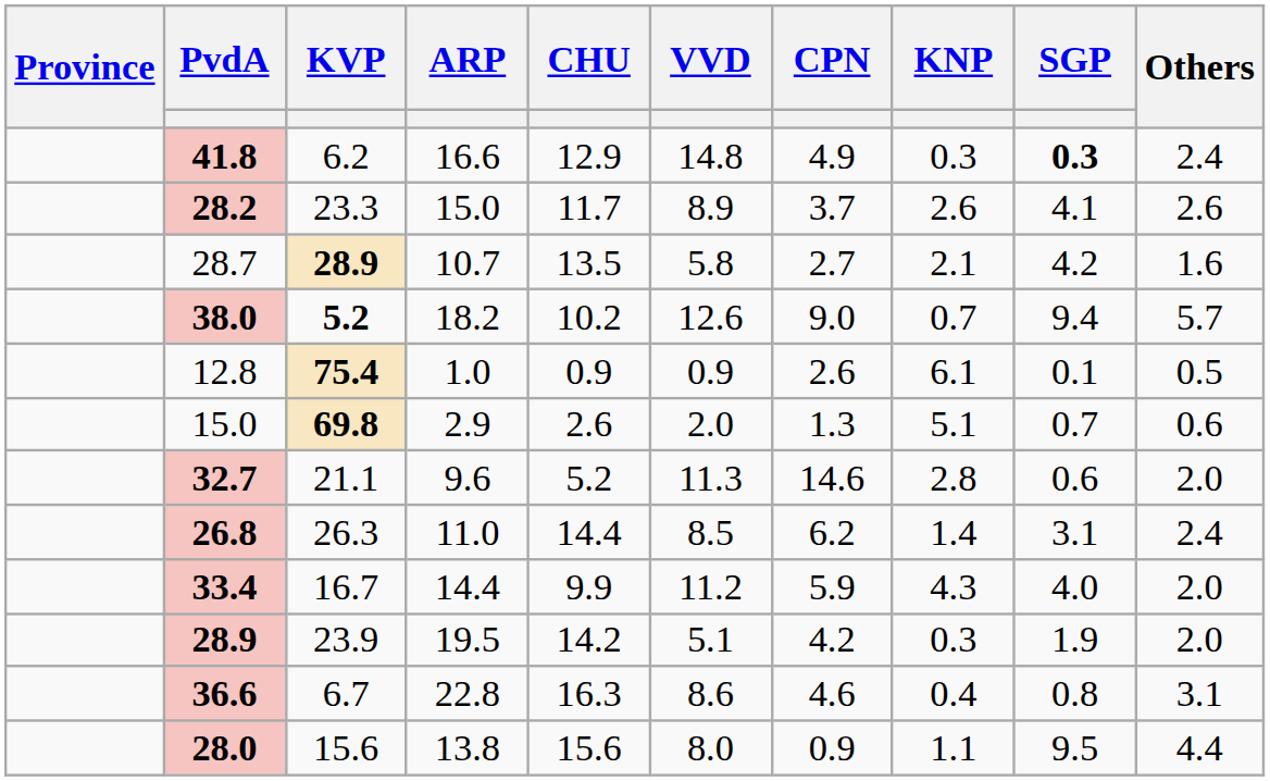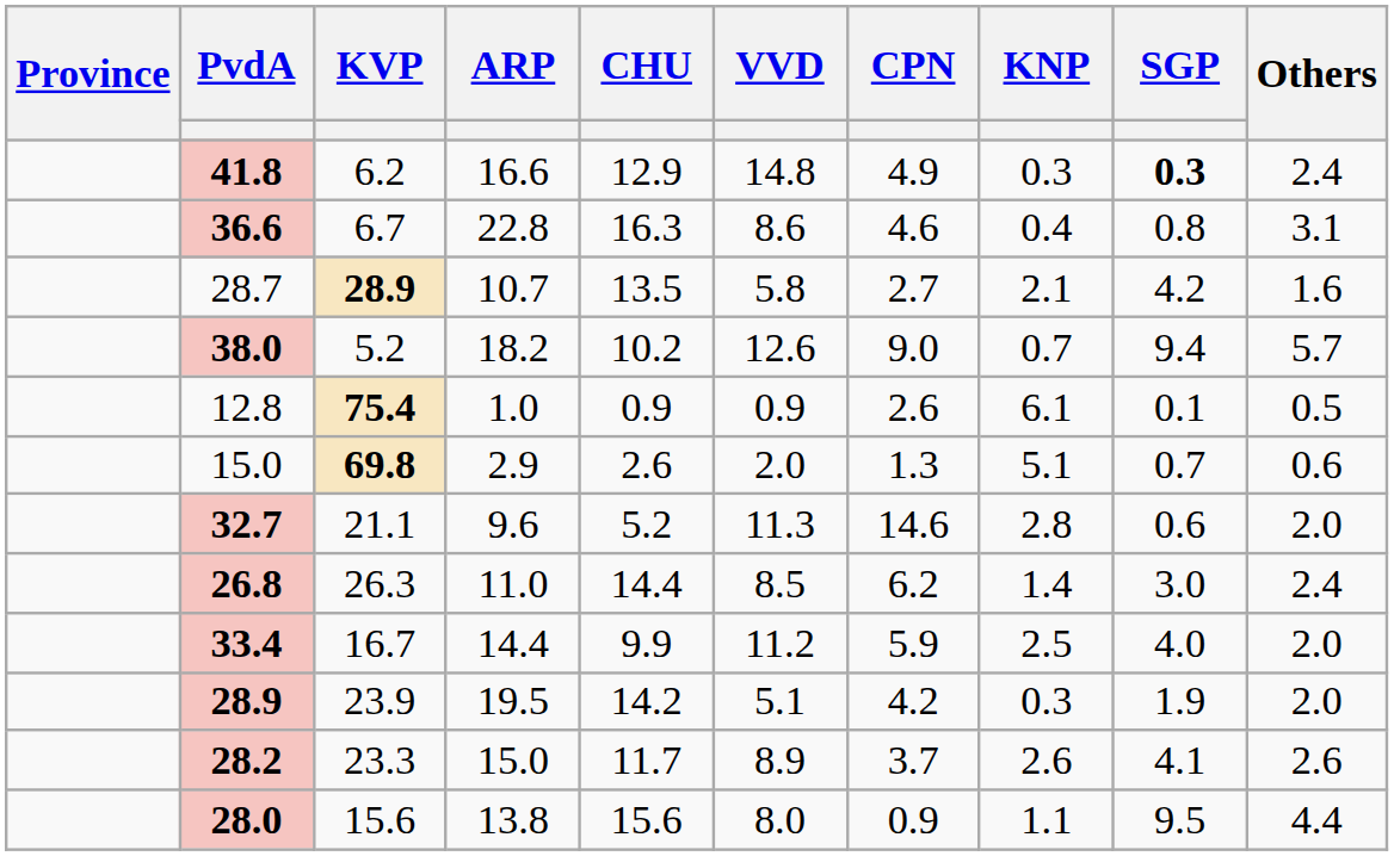 <table class="wikitable sortable" style="text-align:center;font-size:90%;line-height:14px">
 <tr style="height:40px;">
 <th rowspan="2"><a href='#'>Province</a></th>
 <th style="width:40px;"><a href='#'>PvdA</a></th>
 <th style="width:40px;"><a href='#'>KVP</a></th>
 <th style="width:40px;"><a href='#'>ARP</a></th>
 <th style="width:40px;"><a href='#'>CHU</a></th>
 <th style="width:40px;"><a href='#'>VVD</a></th>
 <th style="width:40px;"><a href='#'>CPN</a></th>
 <th style="width:40px;"><a href='#'>KNP</a></th>
 <th style="width:40px;"><a href='#'>SGP</a></th>
 <th style="width:40px;" rowspan="2">Others</th>
 </tr>
 <tr>
 <th style="background:"></th>
 <th style="background:"></th>
 <th style="background:"></th>
 <th style="background:"></th>
 <th style="background:"></th>
 <th style="background:"></th>
 <th style="background:"></th>
 <th style="background:"></th>
 </tr>
 <tr>
 <td align="left"></td>
 <td style="background:#F6C5C1;"><strong>41.8</strong></td>
 <td>6.2</td>
 <td>16.6</td>
 <td>12.9</td>
 <td>14.8</td>
 <td>4.9</td>
 <td>0.3</td>
 <td><strong>0.3</strong></td>
 <td>2.4</td>
 </tr>
 <tr>
 <td align="left"></td>
-<td style="background:#F6C5C1;"><strong>28.2</strong></td>
-<td>23.3</td>
-<td>15.0</td>
-<td>11.7</td>
-<td>8.9</td>
-<td>3.7</td>
-<td>2.6</td>
-<td>4.1</td>
-<td>2.6</td>
+<td style="background:#F6C5C1;"><strong>36.6</strong></td>
+<td>6.7</td>
+<td>22.8</td>
+<td>16.3</td>
+<td>8.6</td>
+<td>4.6</td>
+<td>0.4</td>
+<td>0.8</td>
+<td>3.1</td>
 </tr>
 <tr>
 <td align="left"></td>
 <td>28.7</td>
 <td style="background:#f8e7c1;"><strong>28.9</strong></td>
 <td>10.7</td>
 <td>13.5</td>
 <td>5.8</td>
 <td>2.7</td>
 <td>2.1</td>
 <td>4.2</td>
 <td>1.6</td>
 </tr>
 <tr>
 <td align="left"></td>
 <td style="background:#F6C5C1;"><strong>38.0</strong></td>
-<td><strong>5.2</strong></td>
+<td>5.2</td>
 <td>18.2</td>
 <td>10.2</td>
 <td>12.6</td>
 <td>9.0</td>
 <td>0.7</td>
 <td>9.4</td>
 <td>5.7</td>
 </tr>
 <tr>
 <td align="left"></td>
 <td>12.8</td>
 <td style="background:#f8e7c1;"><strong>75.4</strong></td>
 <td>1.0</td>
 <td>0.9</td>
 <td>0.9</td>
 <td>2.6</td>
 <td>6.1</td>
 <td>0.1</td>
 <td>0.5</td>
 </tr>
 <tr>
 <td align="left"></td>
 <td>15.0</td>
 <td style="background:#f8e7c1;"><strong>69.8</strong></td>
 <td>2.9</td>
 <td>2.6</td>
 <td>2.0</td>
 <td>1.3</td>
 <td>5.1</td>
 <td>0.7</td>
 <td>0.6</td>
 </tr>
 <tr>
 <td align="left"></td>
 <td style="background:#F6C5C1;"><strong>32.7</strong></td>
 <td>21.1</td>
 <td>9.6</td>
 <td>5.2</td>
 <td>11.3</td>
 <td>14.6</td>
 <td>2.8</td>
 <td>0.6</td>
 <td>2.0</td>
 </tr>
 <tr>
 <td align="left"></td>
 <td style="background:#F6C5C1;"><strong>26.8</strong></td>
 <td>26.3</td>
 <td>11.0</td>
 <td>14.4</td>
 <td>8.5</td>
 <td>6.2</td>
 <td>1.4</td>
-<td>3.1</td>
+<td>3.0</td>
 <td>2.4</td>
 </tr>
 <tr>
 <td align="left"></td>
 <td style="background:#F6C5C1;"><strong>33.4</strong></td>
 <td>16.7</td>
 <td>14.4</td>
 <td>9.9</td>
 <td>11.2</td>
 <td>5.9</td>
-<td>4.3</td>
+<td>2.5</td>
 <td>4.0</td>
 <td>2.0</td>
 </tr>
 <tr>
 <td align="left"></td>
 <td style="background:#F6C5C1;"><strong>28.9</strong></td>
 <td>23.9</td>
 <td>19.5</td>
 <td>14.2</td>
 <td>5.1</td>
 <td>4.2</td>
 <td>0.3</td>
 <td>1.9</td>
 <td>2.0</td>
 </tr>
 <tr>
 <td align="left"></td>
-<td style="background:#F6C5C1;"><strong>36.6</strong></td>
-<td>6.7</td>
-<td>22.8</td>
-<td>16.3</td>
-<td>8.6</td>
-<td>4.6</td>
-<td>0.4</td>
-<td>0.8</td>
-<td>3.1</td>
+<td style="background:#F6C5C1;"><strong>28.2</strong></td>
+<td>23.3</td>
+<td>15.0</td>
+<td>11.7</td>
+<td>8.9</td>
+<td>3.7</td>
+<td>2.6</td>
+<td>4.1</td>
+<td>2.6</td>
 </tr>
 <tr>
 <td align="left"></td>
 <td style="background:#F6C5C1;"><strong>28.0</strong></td>
 <td>15.6</td>
 <td>13.8</td>
 <td>15.6</td>
 <td>8.0</td>
 <td>0.9</td>
 <td>1.1</td>
 <td>9.5</td>
 <td>4.4</td>
 </tr>
 </table>
